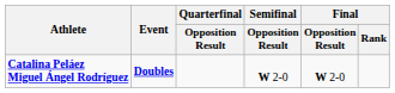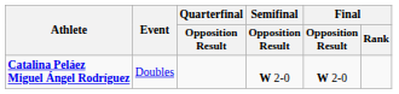 <table class=wikitable style=font-size:90%;text-align:center>
 <tr>
 <th rowspan=2>Athlete</th>
 <th rowspan=2>Event</th>
 <th>Quarterfinal</th>
 <th>Semifinal</th>
 <th colspan=2>Final</th>
 </tr>
 <tr style=font-size:95%>
 <th>Opposition<br>Result</th>
 <th>Opposition<br>Result</th>
 <th>Opposition<br>Result</th>
 <th>Rank</th>
 </tr>
 <tr>
 <td align=left><strong><a href='#'>Catalina Peláez</a><br><a href='#'>Miguel Ángel Rodríguez</a></strong></td>
-<td align=left><strong><a href='#'>Doubles</a></strong></td>
+<td align=left><a href='#'>Doubles</a></td>
 <td></td>
 <td><br><strong>W</strong> 2-0</td>
 <td><br><strong>W</strong> 2-0</td>
 <td></td>
 </tr>
 </table>
